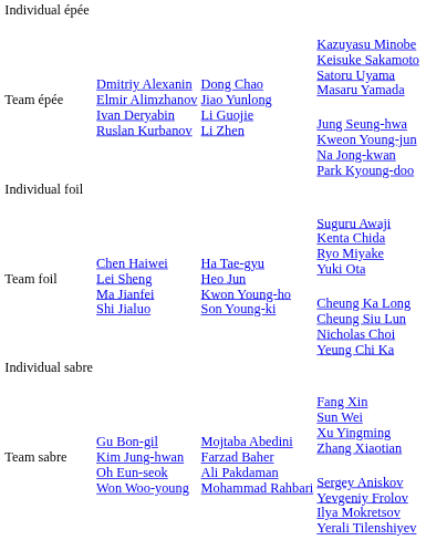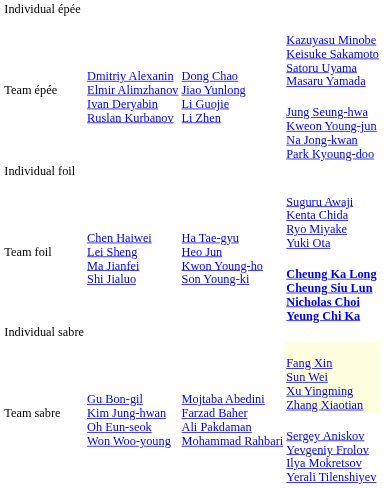 <table>
 <tr>
 <td rowspan=2>Individual épée</td>
 <td rowspan=2></td>
 <td rowspan=2></td>
 <td></td>
 </tr>
 <tr>
 <td></td>
 </tr>
 <tr>
 <td rowspan=2>Team épée</td>
 <td rowspan=2><br><a href='#'>Dmitriy Alexanin</a><br><a href='#'>Elmir Alimzhanov</a><br><a href='#'>Ivan Deryabin</a><br><a href='#'>Ruslan Kurbanov</a></td>
 <td rowspan=2><br><a href='#'>Dong Chao</a><br><a href='#'>Jiao Yunlong</a><br><a href='#'>Li Guojie</a><br><a href='#'>Li Zhen</a></td>
 <td><br><a href='#'>Kazuyasu Minobe</a><br><a href='#'>Keisuke Sakamoto</a><br><a href='#'>Satoru Uyama</a><br><a href='#'>Masaru Yamada</a></td>
 </tr>
 <tr>
 <td><br><a href='#'>Jung Seung-hwa</a><br><a href='#'>Kweon Young-jun</a><br><a href='#'>Na Jong-kwan</a><br><a href='#'>Park Kyoung-doo</a></td>
 </tr>
 <tr>
 <td rowspan=2>Individual foil</td>
 <td rowspan=2></td>
 <td rowspan=2></td>
 <td></td>
 </tr>
 <tr>
 <td></td>
 </tr>
 <tr>
 <td rowspan=2>Team foil</td>
 <td rowspan=2><br><a href='#'>Chen Haiwei</a><br><a href='#'>Lei Sheng</a><br><a href='#'>Ma Jianfei</a><br><a href='#'>Shi Jialuo</a></td>
 <td rowspan=2><br><a href='#'>Ha Tae-gyu</a><br><a href='#'>Heo Jun</a><br><a href='#'>Kwon Young-ho</a><br><a href='#'>Son Young-ki</a></td>
 <td><br><a href='#'>Suguru Awaji</a><br><a href='#'>Kenta Chida</a><br><a href='#'>Ryo Miyake</a><br><a href='#'>Yuki Ota</a></td>
 </tr>
 <tr>
-<td><br><a href='#'>Cheung Ka Long</a><br><a href='#'>Cheung Siu Lun</a><br><a href='#'>Nicholas Choi</a><br><a href='#'>Yeung Chi Ka</a></td>
+<td><strong><br><a href='#'>Cheung Ka Long</a><br><a href='#'>Cheung Siu Lun</a><br><a href='#'>Nicholas Choi</a><br><a href='#'>Yeung Chi Ka</a></strong></td>
 </tr>
 <tr>
 <td rowspan=2>Individual sabre</td>
 <td rowspan=2></td>
 <td rowspan=2></td>
 <td></td>
 </tr>
 <tr>
 <td></td>
 </tr>
 <tr>
 <td rowspan=2>Team sabre</td>
 <td rowspan=2><br><a href='#'>Gu Bon-gil</a><br><a href='#'>Kim Jung-hwan</a><br><a href='#'>Oh Eun-seok</a><br><a href='#'>Won Woo-young</a></td>
 <td rowspan=2><br><a href='#'>Mojtaba Abedini</a><br><a href='#'>Farzad Baher</a><br><a href='#'>Ali Pakdaman</a><br><a href='#'>Mohammad Rahbari</a></td>
-<td><br><a href='#'>Fang Xin</a><br><a href='#'>Sun Wei</a><br><a href='#'>Xu Yingming</a><br><a href='#'>Zhang Xiaotian</a></td>
+<td style="background: lightyellow;"><br><a href='#'>Fang Xin</a><br><a href='#'>Sun Wei</a><br><a href='#'>Xu Yingming</a><br><a href='#'>Zhang Xiaotian</a></td>
 </tr>
 <tr>
 <td><br><a href='#'>Sergey Aniskov</a><br><a href='#'>Yevgeniy Frolov</a><br><a href='#'>Ilya Mokretsov</a><br><a href='#'>Yerali Tilenshiyev</a></td>
 </tr>
 </table>
